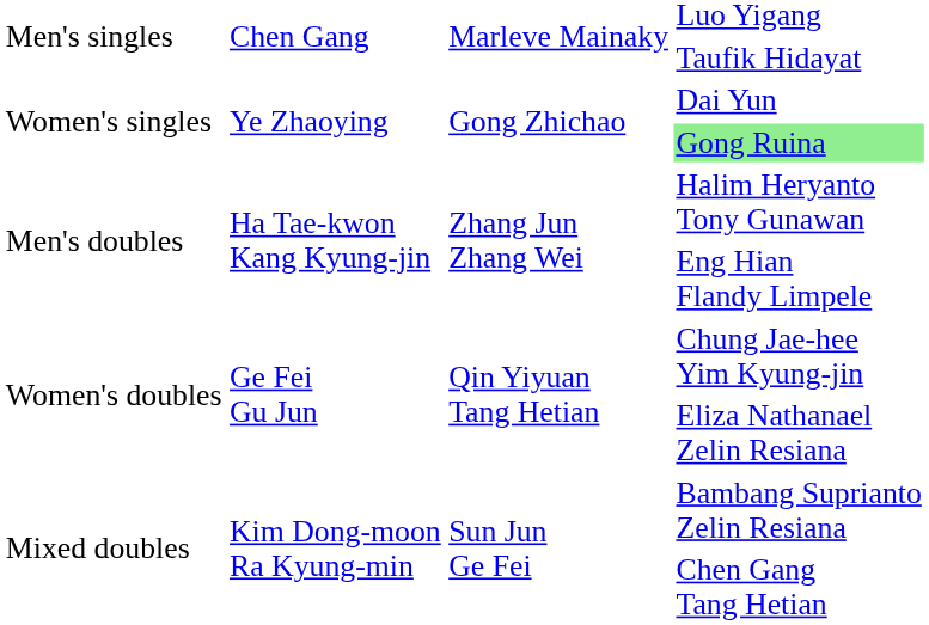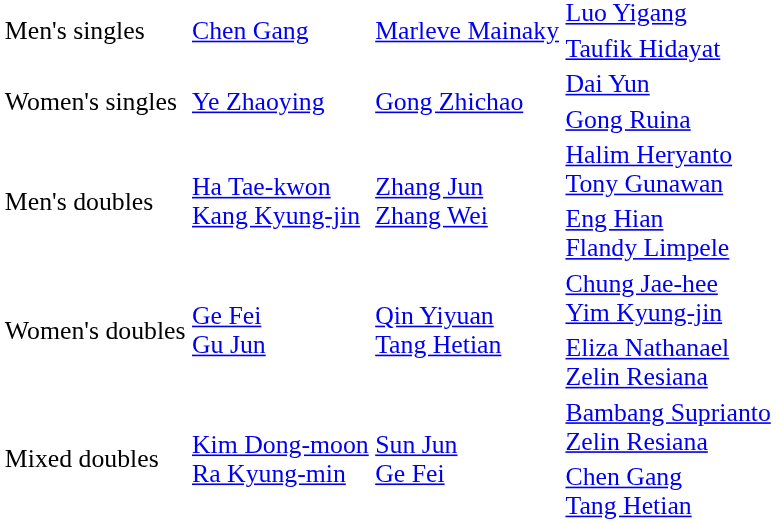 <table>
 <tr>
 <td rowspan="2">Men's singles</td>
 <td rowspan="2"> <a href='#'>Chen Gang</a></td>
 <td rowspan="2"> <a href='#'>Marleve Mainaky</a></td>
 <td> <a href='#'>Luo Yigang</a></td>
 </tr>
 <tr>
 <td> <a href='#'>Taufik Hidayat</a></td>
 </tr>
 <tr>
 <td rowspan="2">Women's singles</td>
 <td rowspan="2"> <a href='#'>Ye Zhaoying</a></td>
 <td rowspan="2"> <a href='#'>Gong Zhichao</a></td>
 <td> <a href='#'>Dai Yun</a></td>
 </tr>
 <tr>
-<td style="background: lightgreen;"> <a href='#'>Gong Ruina</a></td>
+<td> <a href='#'>Gong Ruina</a></td>
 </tr>
 <tr>
 <td rowspan="2">Men's doubles</td>
 <td rowspan="2"> <a href='#'>Ha Tae-kwon</a> <br>  <a href='#'>Kang Kyung-jin</a></td>
 <td rowspan="2"> <a href='#'>Zhang Jun</a> <br>  <a href='#'>Zhang Wei</a></td>
 <td> <a href='#'>Halim Heryanto</a> <br>  <a href='#'>Tony Gunawan</a></td>
 </tr>
 <tr>
 <td> <a href='#'>Eng Hian</a> <br>  <a href='#'>Flandy Limpele</a></td>
 </tr>
 <tr>
 <td rowspan="2">Women's doubles</td>
 <td rowspan="2"> <a href='#'>Ge Fei</a> <br>  <a href='#'>Gu Jun</a></td>
 <td rowspan="2"> <a href='#'>Qin Yiyuan</a> <br>  <a href='#'>Tang Hetian</a></td>
 <td> <a href='#'>Chung Jae-hee</a> <br>  <a href='#'>Yim Kyung-jin</a></td>
 </tr>
 <tr>
 <td> <a href='#'>Eliza Nathanael</a> <br>  <a href='#'>Zelin Resiana</a></td>
 </tr>
 <tr>
 <td rowspan="2">Mixed doubles</td>
 <td rowspan="2"> <a href='#'>Kim Dong-moon</a> <br>  <a href='#'>Ra Kyung-min</a></td>
 <td rowspan="2"> <a href='#'>Sun Jun</a> <br>  <a href='#'>Ge Fei</a></td>
 <td> <a href='#'>Bambang Suprianto</a> <br>  <a href='#'>Zelin Resiana</a></td>
 </tr>
 <tr>
 <td> <a href='#'>Chen Gang</a> <br>  <a href='#'>Tang Hetian</a></td>
 </tr>
 </table>
